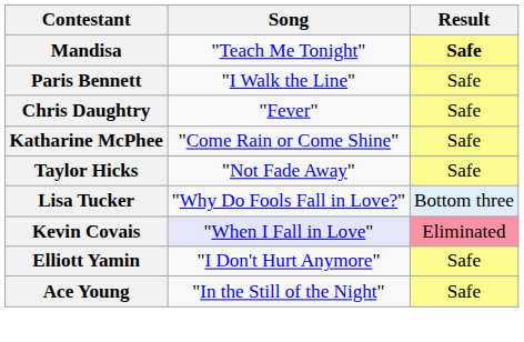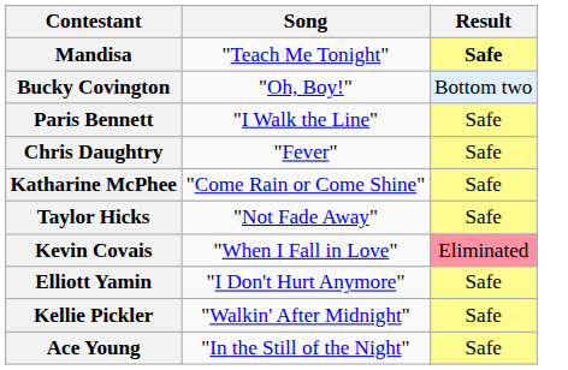 <table class="wikitable unsortable" style="text-align:center;">
 <tr>
 <th scope="col">Contestant</th>
 <th scope="col">Song</th>
 <th scope="col">Result</th>
 </tr>
 <tr>
 <th scope="row">Mandisa</th>
 <td>"<a href='#'>Teach Me Tonight</a>"</td>
 <td style="background:#FDFC8F"><strong>Safe</strong></td>
+</tr>
+<tr>
+<th scope="row">Bucky Covington</th>
+<td>"<a href='#'>Oh, Boy!</a>"</td>
+<td bgcolor="E0F0FF">Bottom two</td>
 </tr>
 <tr>
 <th scope="row">Paris Bennett</th>
 <td>"<a href='#'>I Walk the Line</a>"</td>
 <td style="background:#FDFC8F">Safe</td>
 </tr>
 <tr>
 <th scope="row">Chris Daughtry</th>
 <td>"<a href='#'>Fever</a>"</td>
 <td style="background:#FDFC8F">Safe</td>
 </tr>
 <tr>
 <th scope="row">Katharine McPhee</th>
 <td>"<a href='#'>Come Rain or Come Shine</a>"</td>
 <td style="background:#FDFC8F">Safe</td>
 </tr>
 <tr>
 <th scope="row">Taylor Hicks</th>
 <td>"<a href='#'>Not Fade Away</a>"</td>
 <td style="background:#FDFC8F">Safe</td>
 </tr>
 <tr>
-<th scope="row">Lisa Tucker</th>
-<td>"<a href='#'>Why Do Fools Fall in Love?</a>"</td>
-<td bgcolor="E0F0FF">Bottom three</td>
-</tr>
-<tr>
 <th scope="row">Kevin Covais</th>
-<td style="background: lavender;">"<a href='#'>When I Fall in Love</a>"</td>
+<td>"<a href='#'>When I Fall in Love</a>"</td>
 <td bgcolor="FF91A4">Eliminated</td>
 </tr>
 <tr>
 <th scope="row">Elliott Yamin</th>
 <td>"<a href='#'>I Don't Hurt Anymore</a>"</td>
 <td style="background:#FDFC8F">Safe</td>
 </tr>
 <tr>
+<th scope="row">Kellie Pickler</th>
+<td>"<a href='#'>Walkin' After Midnight</a>"</td>
+<td style="background:#FDFC8F">Safe</td>
+</tr>
+<tr>
 <th scope="row">Ace Young</th>
 <td>"<a href='#'>In the Still of the Night</a>"</td>
 <td style="background:#FDFC8F">Safe</td>
 </tr>
 </table>
